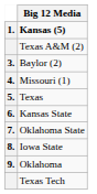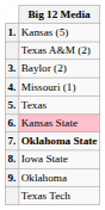 <table class="wikitable" style="white-space:nowrap; font-size:90%;">
 <tr>
 <td ! style="background:white; border-top-style:hidden; border-left-style:hidden;"></td>
 <th>Big 12 Media</th>
 </tr>
 <tr>
 <th>1.</th>
-<td><strong>Kansas (5)</strong></td>
+<td>Kansas (5)</td>
 </tr>
 <tr>
 <th></th>
 <td>Texas A&M (2)</td>
 </tr>
 <tr>
 <th>3.</th>
 <td>Baylor (2)</td>
 </tr>
 <tr>
 <th>4.</th>
 <td>Missouri (1)</td>
 </tr>
 <tr>
 <th>5.</th>
 <td>Texas</td>
 </tr>
 <tr>
 <th>6.</th>
-<td>Kansas State</td>
+<td style="background: pink;">Kansas State</td>
 </tr>
 <tr>
 <th>7.</th>
-<td>Oklahoma State</td>
+<td><strong>Oklahoma State</strong></td>
 </tr>
 <tr>
 <th>8.</th>
 <td>Iowa State</td>
 </tr>
 <tr>
 <th>9.</th>
 <td>Oklahoma</td>
 </tr>
 <tr>
 <th></th>
 <td>Texas Tech</td>
 </tr>
 </table>
